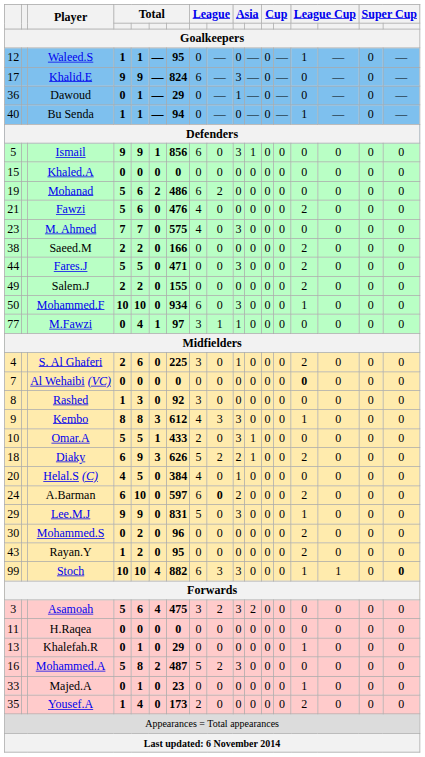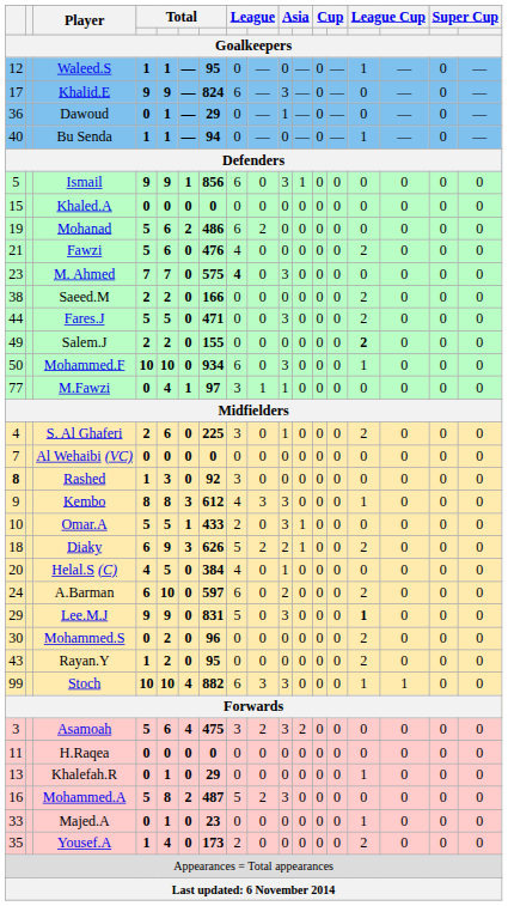 <table class="wikitable" style="text-align:center;">
 <tr align="center" style="background:#9C9C9C">
 <th rowspan="2"></th>
 <th rowspan="2"></th>
 <th rowspan="2">Player</th>
 <th colspan="4">Total</th>
 <th colspan="2"><a href='#'>League</a></th>
 <th colspan="2"><a href='#'>Asia</a></th>
 <th colspan="2"><a href='#'>Cup</a></th>
 <th colspan="2"><a href='#'>League Cup</a></th>
 <th colspan="2"><a href='#'>Super Cup</a></th>
 </tr>
 <tr style="background:#DCDCDC">
 <th></th>
 <th></th>
 <th></th>
 <th></th>
 <th></th>
 <th></th>
 <th></th>
 <th></th>
 <th></th>
 <th></th>
 <th></th>
 <th></th>
 <th></th>
 <th></th>
 </tr>
 <tr align="center" style="background:#DCDCDC">
 <th colspan="17">Goalkeepers</th>
 </tr>
 <tr align="center" style="background:#7EC0EE">
 <td>12</td>
 <td></td>
 <td><a href='#'>Waleed.S</a></td>
 <td><strong>1</strong> </td>
 <td><strong>1</strong> </td>
 <td><strong>—</strong> </td>
 <td><strong>95</strong> </td>
 <td>0  </td>
 <td>— </td>
 <td>0  </td>
 <td>— </td>
 <td>0  </td>
 <td>— </td>
 <td>1  </td>
 <td>— </td>
 <td>0  </td>
 <td>— </td>
 </tr>
 <tr align="center" style="background:#7EC0EE">
 <td>17</td>
 <td></td>
 <td><a href='#'>Khalid.E</a></td>
 <td><strong>9</strong> </td>
 <td><strong>9</strong> </td>
 <td><strong>—</strong> </td>
 <td><strong>824</strong> </td>
 <td>6  </td>
 <td>— </td>
 <td>3  </td>
 <td>— </td>
 <td>0  </td>
 <td>— </td>
 <td>0  </td>
 <td>— </td>
 <td>0  </td>
 <td>— </td>
 </tr>
 <tr align="center" style="background:#7EC0EE">
 <td>36</td>
 <td></td>
 <td>Dawoud</td>
 <td><strong>0 </strong> </td>
 <td><strong>1</strong> </td>
 <td><strong>—</strong> </td>
 <td><strong>29</strong> </td>
 <td>0  </td>
 <td>— </td>
 <td>1  </td>
 <td>— </td>
 <td>0  </td>
 <td>— </td>
 <td>0  </td>
 <td>— </td>
 <td>0  </td>
 <td>— </td>
 </tr>
 <tr align="center" style="background:#7EC0EE">
 <td>40</td>
 <td></td>
 <td>Bu Senda</td>
 <td><strong>1</strong> </td>
 <td><strong>1</strong> </td>
 <td><strong>—</strong> </td>
 <td><strong>94</strong> </td>
 <td>0  </td>
 <td>— </td>
 <td>0  </td>
 <td>— </td>
 <td>0  </td>
 <td>— </td>
 <td>1  </td>
 <td>— </td>
 <td>0  </td>
 <td>— </td>
 </tr>
 <tr align="center" style="background:#7EC0EE">
 <th colspan="17">Defenders</th>
 </tr>
 <tr align="center" style="background:#B9FFC5">
 <td>5</td>
 <td></td>
 <td><a href='#'>Ismail</a></td>
 <td><strong>9</strong> </td>
 <td><strong>9</strong> </td>
 <td><strong>1</strong> </td>
 <td><strong>856</strong> </td>
 <td>6  </td>
 <td>0 </td>
 <td>3  </td>
 <td>1 </td>
 <td>0  </td>
 <td>0 </td>
 <td>0  </td>
 <td>0 </td>
 <td>0  </td>
 <td>0 </td>
 </tr>
 <tr align="center" style="background:#B9FFC5">
 <td>15</td>
 <td></td>
 <td><a href='#'>Khaled.A</a></td>
 <td><strong>0 </strong> </td>
 <td><strong>0 </strong> </td>
 <td><strong>0</strong> </td>
 <td><strong>0</strong> </td>
 <td>0  </td>
 <td>0 </td>
 <td>0  </td>
 <td>0 </td>
 <td>0  </td>
 <td>0 </td>
 <td>0  </td>
 <td>0 </td>
 <td>0  </td>
 <td>0 </td>
 </tr>
 <tr align="center" style="background:#B9FFC5">
 <td>19</td>
 <td></td>
 <td><a href='#'>Mohanad</a></td>
 <td><strong>5</strong> </td>
 <td><strong>6</strong> </td>
 <td><strong>2</strong> </td>
 <td><strong>486</strong> </td>
 <td>6  </td>
 <td>2 </td>
 <td>0  </td>
 <td>0 </td>
 <td>0  </td>
 <td>0 </td>
 <td>0  </td>
 <td>0 </td>
 <td>0  </td>
 <td>0 </td>
 </tr>
 <tr align="center" style="background:#B9FFC5">
 <td>21</td>
 <td></td>
 <td><a href='#'>Fawzi</a></td>
 <td><strong>5</strong> </td>
 <td><strong>6</strong> </td>
 <td><strong>0</strong> </td>
 <td><strong>476</strong> </td>
 <td>4  </td>
 <td>0 </td>
 <td>0  </td>
 <td>0 </td>
 <td>0  </td>
 <td>0 </td>
 <td>2  </td>
 <td>0 </td>
 <td>0  </td>
 <td>0 </td>
 </tr>
 <tr align="center" style="background:#B9FFC5">
 <td>23</td>
 <td></td>
 <td><a href='#'>M. Ahmed</a></td>
 <td><strong>7</strong> </td>
 <td><strong>7</strong> </td>
 <td><strong>0</strong> </td>
 <td><strong>575</strong> </td>
-<td>4  </td>
+<td><strong>4  </strong></td>
 <td>0  </td>
 <td>3  </td>
 <td>0 </td>
 <td>0  </td>
 <td>0 </td>
 <td>0  </td>
 <td>0 </td>
 <td>0  </td>
 <td>0 </td>
 </tr>
 <tr align="center" style="background:#B9FFC5">
 <td>38</td>
 <td></td>
 <td>Saeed.M</td>
 <td><strong>2</strong> </td>
 <td><strong>2</strong> </td>
 <td><strong>0</strong> </td>
 <td><strong>166</strong> </td>
 <td>0  </td>
 <td>0 </td>
 <td>0  </td>
 <td>0 </td>
 <td>0  </td>
 <td>0 </td>
 <td>2  </td>
 <td>0 </td>
 <td>0  </td>
 <td>0 </td>
 </tr>
 <tr align="center" style="background:#B9FFC5">
 <td>44</td>
 <td></td>
 <td><a href='#'>Fares.J</a></td>
 <td><strong>5</strong> </td>
 <td><strong>5</strong> </td>
 <td><strong>0</strong> </td>
 <td><strong>471</strong> </td>
 <td>0  </td>
 <td>0 </td>
 <td>3  </td>
 <td>0 </td>
 <td>0  </td>
 <td>0 </td>
 <td>2  </td>
 <td>0 </td>
 <td>0  </td>
 <td>0 </td>
 </tr>
 <tr align="center" style="background:#B9FFC5">
 <td>49</td>
 <td></td>
 <td>Salem.J</td>
 <td><strong>2 </strong> </td>
 <td><strong>2</strong> </td>
 <td><strong>0</strong> </td>
 <td><strong>155</strong> </td>
 <td>0  </td>
 <td>0 </td>
 <td>0  </td>
 <td>0 </td>
 <td>0  </td>
 <td>0 </td>
-<td>2  </td>
+<td><strong>2  </strong></td>
 <td>0 </td>
 <td>0  </td>
 <td>0 </td>
 </tr>
 <tr align="center" style="background:#B9FFC5">
 <td>50</td>
 <td></td>
 <td><a href='#'>Mohammed.F</a></td>
 <td><strong>10</strong> </td>
 <td><strong>10</strong> </td>
 <td><strong>0</strong> </td>
 <td><strong>934</strong> </td>
 <td>6  </td>
 <td>0 </td>
 <td>3  </td>
 <td>0 </td>
 <td>0  </td>
 <td>0 </td>
 <td>1  </td>
 <td>0 </td>
 <td>0  </td>
 <td>0 </td>
 </tr>
 <tr align="center" style="background:#B9FFC5">
 <td>77</td>
 <td></td>
 <td><a href='#'>M.Fawzi</a></td>
 <td><strong>0</strong> </td>
 <td><strong>4</strong> </td>
 <td><strong>1</strong> </td>
 <td><strong>97</strong> </td>
 <td>3  </td>
 <td>1 </td>
 <td>1  </td>
 <td>0 </td>
 <td>0  </td>
 <td>0 </td>
 <td>0  </td>
 <td>0 </td>
 <td>0  </td>
 <td>0 </td>
 </tr>
 <tr align="center" style="background:#B9FFC5">
 <th colspan="17">Midfielders</th>
 </tr>
 <tr align="center" style="background:#FFEBAD">
 <td>4</td>
 <td></td>
 <td><a href='#'>S. Al Ghaferi</a></td>
 <td><strong>2</strong> </td>
 <td><strong>6</strong> </td>
 <td><strong>0</strong> </td>
 <td><strong>225</strong> </td>
 <td>3  </td>
 <td>0 </td>
 <td>1  </td>
 <td>0 </td>
 <td>0  </td>
 <td>0 </td>
 <td>2  </td>
 <td>0 </td>
 <td>0  </td>
 <td>0 </td>
 </tr>
 <tr align="center" style="background:#FFEBAD">
 <td>7</td>
 <td></td>
 <td><a href='#'>Al Wehaibi</a> <em><a href='#'>(VC)</a></em></td>
 <td><strong>0 </strong> </td>
 <td><strong>0 </strong> </td>
 <td><strong>0</strong> </td>
 <td><strong>0</strong> </td>
 <td>0  </td>
 <td>0 </td>
 <td>0  </td>
 <td>0 </td>
 <td>0  </td>
 <td>0 </td>
-<td><strong>0  </strong></td>
+<td>0  </td>
 <td>0 </td>
 <td>0  </td>
 <td>0 </td>
 </tr>
 <tr align="center" style="background:#FFEBAD">
-<td>8</td>
+<td><strong>8</strong></td>
 <td></td>
 <td><a href='#'>Rashed</a></td>
 <td><strong>1</strong> </td>
 <td><strong>3</strong> </td>
 <td><strong>0</strong> </td>
 <td><strong>92</strong> </td>
 <td>3  </td>
 <td>0 </td>
 <td>0  </td>
 <td>0 </td>
 <td>0  </td>
 <td>0 </td>
 <td>0  </td>
 <td>0 </td>
 <td>0  </td>
 <td>0 </td>
 </tr>
 <tr align="center" style="background:#FFEBAD">
 <td>9</td>
 <td></td>
 <td><a href='#'>Kembo</a></td>
 <td><strong>8</strong> </td>
 <td><strong>8</strong> </td>
 <td><strong>3</strong> </td>
 <td><strong>612</strong> </td>
 <td>4  </td>
 <td>3 </td>
 <td>3  </td>
 <td>0 </td>
 <td>0  </td>
 <td>0 </td>
 <td>1  </td>
 <td>0 </td>
 <td>0  </td>
 <td>0 </td>
 </tr>
 <tr align="center" style="background:#FFEBAD">
 <td>10</td>
 <td></td>
 <td><a href='#'>Omar.A</a></td>
 <td><strong>5</strong> </td>
 <td><strong>5</strong> </td>
 <td><strong>1</strong> </td>
 <td><strong>433</strong> </td>
 <td>2  </td>
 <td>0 </td>
 <td>3  </td>
 <td>1 </td>
 <td>0  </td>
 <td>0 </td>
 <td>0  </td>
 <td>0 </td>
 <td>0  </td>
 <td>0 </td>
 </tr>
 <tr align="center" style="background:#FFEBAD">
 <td>18</td>
 <td></td>
 <td><a href='#'>Diaky</a></td>
 <td><strong>6</strong> </td>
 <td><strong>9</strong> </td>
 <td><strong>3</strong> </td>
 <td><strong>626</strong> </td>
 <td>5  </td>
 <td>2 </td>
 <td>2  </td>
 <td>1 </td>
 <td>0  </td>
 <td>0 </td>
 <td>2  </td>
 <td>0 </td>
 <td>0  </td>
 <td>0 </td>
 </tr>
 <tr align="center" style="background:#FFEBAD">
 <td>20</td>
 <td></td>
 <td><a href='#'>Helal.S</a> <em><a href='#'>(C)</a></em></td>
 <td><strong>4</strong> </td>
 <td><strong>5</strong> </td>
 <td><strong>0</strong> </td>
 <td><strong>384</strong> </td>
 <td>4  </td>
 <td>0 </td>
 <td>1  </td>
 <td>0 </td>
 <td>0  </td>
 <td>0 </td>
 <td>0  </td>
 <td>0 </td>
 <td>0  </td>
 <td>0 </td>
 </tr>
 <tr align="center" style="background:#FFEBAD">
 <td>24</td>
 <td></td>
 <td>A.Barman</td>
 <td><strong>6</strong> </td>
 <td><strong>10</strong> </td>
 <td><strong>0</strong> </td>
 <td><strong>597</strong> </td>
 <td>6  </td>
-<td><strong>0 </strong></td>
+<td>0 </td>
 <td>2  </td>
 <td>0 </td>
 <td>0  </td>
 <td>0 </td>
 <td>2  </td>
 <td>0 </td>
 <td>0  </td>
 <td>0 </td>
 </tr>
 <tr align="center" style="background:#FFEBAD">
 <td>29</td>
 <td></td>
 <td><a href='#'>Lee.M.J</a></td>
 <td><strong>9</strong> </td>
 <td><strong>9</strong> </td>
 <td><strong>0</strong> </td>
 <td><strong>831</strong> </td>
 <td>5  </td>
 <td>0 </td>
 <td>3  </td>
 <td>0 </td>
 <td>0  </td>
 <td>0 </td>
-<td>1  </td>
+<td><strong>1  </strong></td>
 <td>0 </td>
 <td>0  </td>
 <td>0 </td>
 </tr>
 <tr align="center" style="background:#FFEBAD">
 <td>30</td>
 <td></td>
 <td><a href='#'>Mohammed.S</a></td>
 <td><strong>0</strong> </td>
 <td><strong>2</strong> </td>
 <td><strong>0</strong> </td>
 <td><strong>96</strong> </td>
 <td>0  </td>
 <td>0 </td>
 <td>0  </td>
 <td>0 </td>
 <td>0  </td>
 <td>0 </td>
 <td>2  </td>
 <td>0 </td>
 <td>0  </td>
 <td>0 </td>
 </tr>
 <tr align="center" style="background:#FFEBAD">
 <td>43</td>
 <td></td>
 <td>Rayan.Y</td>
 <td><strong>1</strong> </td>
 <td><strong>2</strong> </td>
 <td><strong>0</strong> </td>
 <td><strong>95</strong> </td>
 <td>0  </td>
 <td>0 </td>
 <td>0  </td>
 <td>0 </td>
 <td>0  </td>
 <td>0 </td>
 <td>2  </td>
 <td>0 </td>
 <td>0  </td>
 <td>0 </td>
 </tr>
 <tr align="center" style="background:#FFEBAD">
 <td>99</td>
 <td></td>
 <td><a href='#'>Stoch</a></td>
 <td><strong>10</strong> </td>
 <td><strong>10</strong> </td>
 <td><strong>4</strong> </td>
 <td><strong>882</strong> </td>
 <td>6  </td>
 <td>3 </td>
 <td>3  </td>
 <td>0 </td>
 <td>0  </td>
 <td>0 </td>
 <td>1  </td>
 <td>1 </td>
 <td>0  </td>
-<td><strong>0 </strong></td>
+<td>0 </td>
 </tr>
 <tr align="center" style="background:#FFEBAD">
 <th colspan="17">Forwards</th>
 </tr>
 <tr align="center" style="background:#FFCBCB">
 <td>3</td>
 <td></td>
 <td><a href='#'>Asamoah</a></td>
 <td><strong>5</strong> </td>
 <td><strong>6</strong> </td>
 <td><strong>4</strong> </td>
 <td><strong>475</strong> </td>
 <td>3  </td>
 <td>2 </td>
 <td>3  </td>
 <td>2 </td>
 <td>0  </td>
 <td>0 </td>
 <td>0  </td>
 <td>0 </td>
 <td>0  </td>
 <td>0 </td>
 </tr>
 <tr align="center" style="background:#FFCBCB">
 <td>11</td>
 <td></td>
 <td>H.Raqea</td>
 <td><strong>0 </strong> </td>
 <td><strong>0 </strong> </td>
 <td><strong>0</strong> </td>
 <td><strong>0</strong> </td>
 <td>0  </td>
 <td>0 </td>
 <td>0  </td>
 <td>0 </td>
 <td>0  </td>
 <td>0 </td>
 <td>0  </td>
 <td>0 </td>
 <td>0  </td>
 <td>0 </td>
 </tr>
 <tr align="center" style="background:#FFCBCB">
 <td>13</td>
 <td></td>
 <td>Khalefah.R</td>
 <td><strong>0 </strong> </td>
 <td><strong>1</strong> </td>
 <td><strong>0</strong> </td>
 <td><strong>29</strong> </td>
 <td>0  </td>
 <td>0 </td>
 <td>0  </td>
 <td>0 </td>
 <td>0  </td>
 <td>0 </td>
 <td>1  </td>
 <td>0 </td>
 <td>0  </td>
 <td>0 </td>
 </tr>
 <tr align="center" style="background:#FFCBCB">
 <td>16</td>
 <td></td>
 <td><a href='#'>Mohammed.A</a></td>
 <td><strong>5</strong> </td>
 <td><strong>8</strong> </td>
 <td><strong>2</strong> </td>
 <td><strong>487</strong> </td>
 <td>5  </td>
 <td>2 </td>
 <td>3  </td>
 <td>0 </td>
 <td>0  </td>
 <td>0 </td>
 <td>0  </td>
 <td>0 </td>
 <td>0  </td>
 <td>0 </td>
 </tr>
 <tr align="center" style="background:#FFCBCB">
 <td>33</td>
 <td></td>
 <td>Majed.A</td>
 <td><strong>0 </strong> </td>
 <td><strong>1</strong> </td>
 <td><strong>0</strong> </td>
 <td><strong>23</strong> </td>
 <td>0  </td>
 <td>0 </td>
 <td>0  </td>
 <td>0 </td>
 <td>0  </td>
 <td>0 </td>
 <td>1  </td>
 <td>0 </td>
 <td>0  </td>
 <td>0 </td>
 </tr>
 <tr align="center" style="background:#FFCBCB">
 <td>35</td>
 <td></td>
 <td><a href='#'>Yousef.A</a></td>
 <td><strong>1</strong> </td>
 <td><strong>4</strong> </td>
 <td><strong>0</strong> </td>
 <td><strong>173</strong> </td>
 <td>2  </td>
 <td>0 </td>
 <td>0  </td>
 <td>0 </td>
 <td>0  </td>
 <td>0 </td>
 <td>2  </td>
 <td>0 </td>
 <td>0  </td>
 <td>0 </td>
 </tr>
 <tr align="center" style="background:#DCDCDC">
 <td 0!  colspan="18"><small>Appearances = Total appearances</small></td>
 </tr>
 <tr align="left" style="background:#DCDCDC">
 <th colspan="18"><small>Last updated: 6 November 2014</small></th>
 </tr>
 </table>
